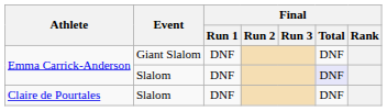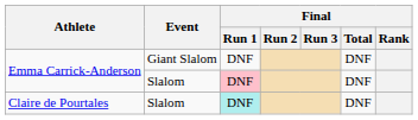 <table class="wikitable" style="font-size:90%">
 <tr>
 <th rowspan="2">Athlete</th>
 <th rowspan="2">Event</th>
 <th colspan="5">Final</th>
 </tr>
 <tr>
 <th>Run 1</th>
 <th>Run 2</th>
 <th>Run 3</th>
 <th>Total</th>
 <th>Rank</th>
 </tr>
 <tr>
 <td rowspan=2><a href='#'>Emma Carrick-Anderson</a></td>
 <td>Giant Slalom</td>
 <td align="center">DNF</td>
 <td colspan=2 bgcolor="wheat"></td>
 <td align="center">DNF</td>
 <th align="center"></th>
 </tr>
 <tr>
 <td>Slalom</td>
+<td align="center" style="background: pink;">DNF</td>
+<td colspan=2 bgcolor="wheat"></td>
 <td align="center">DNF</td>
-<td colspan=2 bgcolor="wheat"></td>
-<td align="center" style="background: lavender;">DNF</td>
 <th align="center"></th>
 </tr>
 <tr>
 <td><a href='#'>Claire de Pourtales</a></td>
 <td>Slalom</td>
-<td align="center">DNF</td>
+<td align="center" style="background: paleturquoise;">DNF</td>
 <td colspan=2 bgcolor="wheat"></td>
 <td align="center">DNF</td>
 <th align="center"></th>
 </tr>
 </table>
